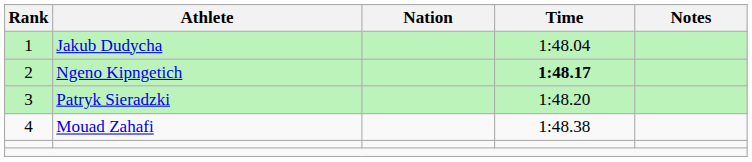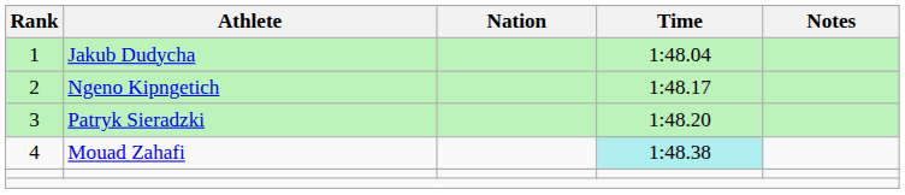 <table class="wikitable sortable" style="text-align:center;width: 55%;">
 <tr>
 <th scope="col" style="width: 10px;">Rank</th>
 <th scope="col">Athlete</th>
 <th scope="col">Nation</th>
 <th scope="col">Time</th>
 <th scope="col">Notes</th>
 </tr>
 <tr bgcolor=bbf3bb>
 <td>1</td>
 <td align=left><a href='#'>Jakub Dudycha</a></td>
 <td align=left></td>
 <td>1:48.04</td>
 <td></td>
 </tr>
 <tr bgcolor=bbf3bb>
 <td>2</td>
 <td align=left><a href='#'>Ngeno Kipngetich</a></td>
 <td align=left></td>
-<td><strong>1:48.17</strong></td>
+<td>1:48.17</td>
 <td></td>
 </tr>
 <tr bgcolor=bbf3bb>
 <td>3</td>
 <td align=left><a href='#'>Patryk Sieradzki</a></td>
 <td align=left></td>
 <td>1:48.20</td>
 <td></td>
 </tr>
 <tr>
 <td>4</td>
 <td align=left><a href='#'>Mouad Zahafi</a></td>
 <td align=left></td>
-<td>1:48.38</td>
+<td style="background: paleturquoise;">1:48.38</td>
 <td></td>
 </tr>
 <tr>
 <td></td>
 <td align=left></td>
 <td align=left></td>
 <td></td>
 <td></td>
 </tr>
 <tr class="sortbottom">
 <td colspan="5"></td>
 </tr>
 </table>
